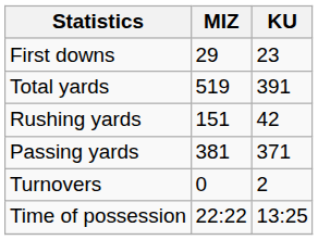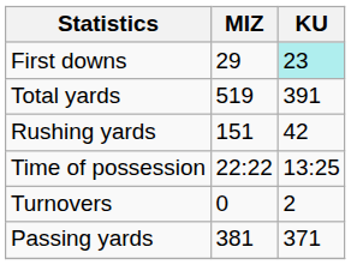 <table class="wikitable" style="float: left;">
 <tr>
 <th>Statistics</th>
 <th>MIZ</th>
 <th>KU</th>
 </tr>
 <tr>
 <td>First downs</td>
 <td>29</td>
-<td>23</td>
+<td style="background: paleturquoise;">23</td>
 </tr>
 <tr>
 <td>Total yards</td>
 <td>519</td>
 <td>391</td>
 </tr>
 <tr>
 <td>Rushing yards</td>
 <td>151</td>
 <td>42</td>
 </tr>
 <tr>
-<td>Passing yards</td>
-<td>381</td>
-<td>371</td>
+<td>Time of possession</td>
+<td>22:22</td>
+<td>13:25</td>
 </tr>
 <tr>
 <td>Turnovers</td>
 <td>0</td>
 <td>2</td>
 </tr>
 <tr>
-<td>Time of possession</td>
-<td>22:22</td>
-<td>13:25</td>
+<td>Passing yards</td>
+<td>381</td>
+<td>371</td>
 </tr>
 <tr>
 </tr>
 </table>
